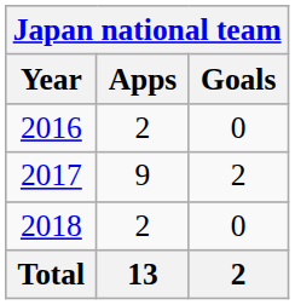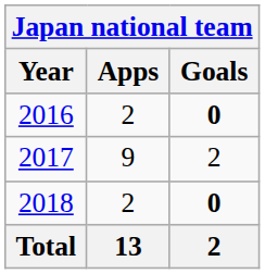 <table class="wikitable" style="text-align:center">
 <tr>
 <th colspan="3"><a href='#'>Japan national team</a></th>
 </tr>
 <tr>
 <th>Year</th>
 <th>Apps</th>
 <th>Goals</th>
 </tr>
 <tr>
 <td><a href='#'>2016</a></td>
 <td>2</td>
-<td>0</td>
+<td><strong>0</strong></td>
 </tr>
 <tr>
 <td><a href='#'>2017</a></td>
 <td>9</td>
 <td>2</td>
 </tr>
 <tr>
 <td><a href='#'>2018</a></td>
 <td>2</td>
-<td>0</td>
+<td><strong>0</strong></td>
 </tr>
 <tr>
 <th>Total</th>
 <th>13</th>
 <th>2</th>
 </tr>
 </table>
